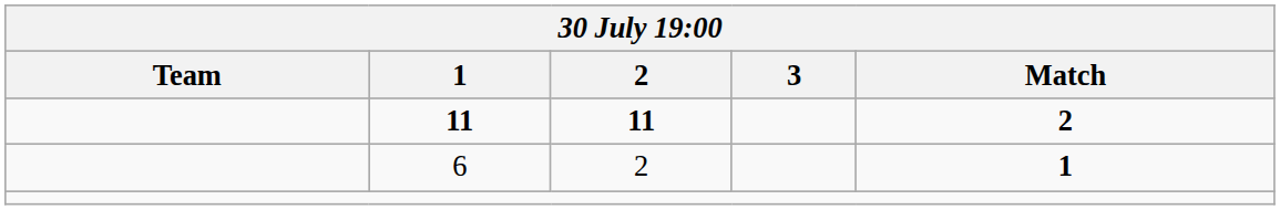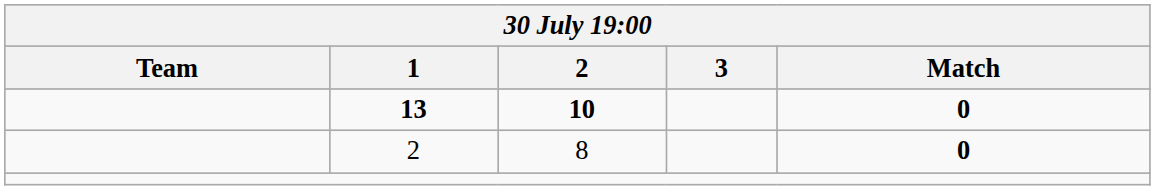 <table class=wikitable style="text-align:center; width: 55%">
 <tr>
 <th colspan=10><em>30 July 19:00</em></th>
 </tr>
 <tr>
 <th>Team</th>
 <th>1</th>
 <th>2</th>
 <th>3</th>
 <th>Match</th>
 </tr>
 <tr>
 <td align=left><strong><br></strong></td>
-<td><strong>11</strong></td>
-<td><strong>11</strong></td>
+<td><strong>13</strong></td>
+<td><strong>10</strong></td>
 <td></td>
-<td><strong>2</strong></td>
+<td><strong>0</strong></td>
 </tr>
 <tr>
 <td align=left><br></td>
-<td>6</td>
 <td>2</td>
+<td>8</td>
 <td></td>
-<td><strong>1</strong></td>
+<td><strong>0</strong></td>
 </tr>
 <tr>
 <td colspan=10></td>
 </tr>
 </table>
